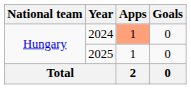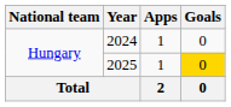 <table class=wikitable style="text-align: center">
 <tr>
 <th>National team</th>
 <th>Year</th>
 <th>Apps</th>
 <th>Goals</th>
 </tr>
 <tr>
 <td rowspan="2"><a href='#'>Hungary</a></td>
 <td>2024</td>
-<td style="background: lightsalmon;">1</td>
+<td>1</td>
 <td>0</td>
 </tr>
 <tr>
 <td>2025</td>
 <td>1</td>
-<td>0</td>
+<td style="background: gold;">0</td>
 </tr>
 <tr>
 <th colspan="2">Total</th>
 <th>2</th>
 <th>0</th>
 </tr>
 </table>
